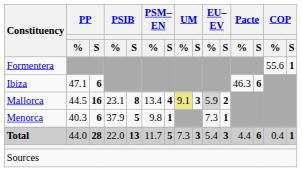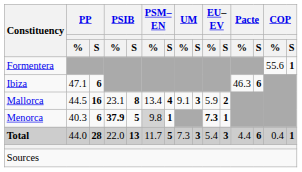 <table class="wikitable sortable" style="text-align:right; line-height:20px;">
 <tr>
 <th rowspan="3">Constituency</th>
 <th colspan="2" width="30px" class="unsortable"><a href='#'>PP</a></th>
 <th colspan="2" width="30px" class="unsortable"><a href='#'>PSIB</a></th>
 <th colspan="2" width="30px" class="unsortable"><a href='#'>PSM–EN</a></th>
 <th colspan="2" width="30px" class="unsortable"><a href='#'>UM</a></th>
 <th colspan="2" width="30px" class="unsortable"><a href='#'>EU</a>–<a href='#'>EV</a></th>
 <th colspan="2" width="30px" class="unsortable"><a href='#'>Pacte</a></th>
 <th colspan="2" width="30px" class="unsortable"><a href='#'>COP</a></th>
 </tr>
 <tr>
 <th colspan="2" style="background:"></th>
 <th colspan="2" style="background:"></th>
 <th colspan="2" style="background:"></th>
 <th colspan="2" style="background:"></th>
 <th colspan="2" style="background:"></th>
 <th colspan="2" style="background:"></th>
 <th colspan="2" style="background:"></th>
 </tr>
 <tr>
 <th data-sort-type="number">%</th>
 <th data-sort-type="number">S</th>
 <th data-sort-type="number">%</th>
 <th data-sort-type="number">S</th>
 <th data-sort-type="number">%</th>
 <th data-sort-type="number">S</th>
 <th data-sort-type="number">%</th>
 <th data-sort-type="number">S</th>
 <th data-sort-type="number">%</th>
 <th data-sort-type="number">S</th>
 <th data-sort-type="number">%</th>
 <th data-sort-type="number">S</th>
 <th data-sort-type="number">%</th>
 <th data-sort-type="number">S</th>
 </tr>
 <tr>
 <td align="left"><a href='#'>Formentera</a></td>
 <td colspan="2" bgcolor="#AAAAAA"></td>
 <td colspan="2" rowspan="2" bgcolor="#AAAAAA"></td>
 <td colspan="2" rowspan="2" bgcolor="#AAAAAA"></td>
 <td colspan="2" rowspan="2" bgcolor="#AAAAAA"></td>
 <td colspan="2" rowspan="2" bgcolor="#AAAAAA"></td>
 <td colspan="2" bgcolor="#AAAAAA"></td>
 <td style="background:">55.6</td>
 <td><strong>1</strong></td>
 </tr>
 <tr>
 <td align="left"><a href='#'>Ibiza</a></td>
 <td style="background:">47.1</td>
 <td><strong>6</strong></td>
 <td>46.3</td>
 <td><strong>6</strong></td>
 <td colspan="2" rowspan="3" bgcolor="#AAAAAA"></td>
 </tr>
 <tr>
 <td align="left"><a href='#'>Mallorca</a></td>
 <td style="background:">44.5</td>
 <td><strong>16</strong></td>
 <td>23.1</td>
 <td><strong>8</strong></td>
 <td>13.4</td>
 <td><strong>4</strong></td>
-<td style="background: khaki;">9.1</td>
+<td>9.1</td>
 <td><strong>3</strong></td>
-<td style="background: lightgrey;">5.9</td>
+<td>5.9</td>
 <td><strong>2</strong></td>
 <td colspan="2" rowspan="2" bgcolor="#AAAAAA"></td>
 </tr>
 <tr>
 <td align="left"><a href='#'>Menorca</a></td>
 <td style="background:">40.3</td>
 <td><strong>6</strong></td>
-<td>37.9</td>
+<td><strong>37.9</strong></td>
 <td><strong>5</strong></td>
-<td>9.8</td>
+<td style="background: lightgrey;">9.8</td>
 <td><strong>1</strong></td>
 <td colspan="2" bgcolor="#AAAAAA"></td>
-<td>7.3</td>
+<td><strong>7.3</strong></td>
 <td><strong>1</strong></td>
 </tr>
 <tr style="background:#CDCDCD;">
 <td align="left"><strong>Total</strong></td>
 <td style="background:">44.0</td>
 <td><strong>28</strong></td>
 <td>22.0</td>
 <td><strong>13</strong></td>
 <td>11.7</td>
 <td><strong>5</strong></td>
 <td>7.3</td>
 <td><strong>3</strong></td>
 <td>5.4</td>
 <td><strong>3</strong></td>
 <td>4.4</td>
 <td><strong>6</strong></td>
 <td>0.4</td>
 <td><strong>1</strong></td>
 </tr>
 <tr>
 <th colspan="15"></th>
 </tr>
 <tr>
 <th style="text-align:left; font-weight:normal; background:#F9F9F9" colspan="15">Sources</th>
 </tr>
 </table>
